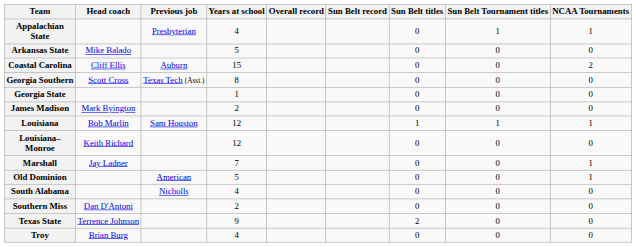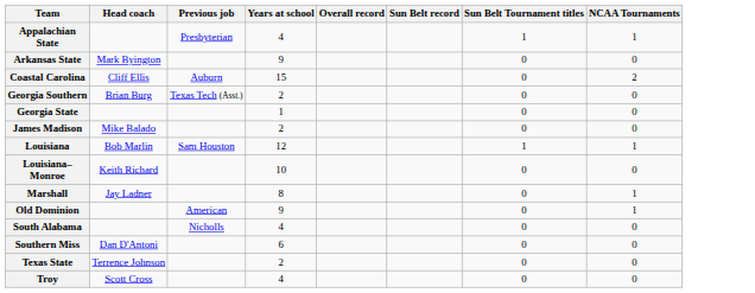 <table class="wikitable sortable" style="text-align: center;font-size:90%;">
 <tr>
 <th width="110">Team</th>
 <th>Head coach</th>
 <th>Previous job</th>
 <th>Years at school</th>
 <th>Overall record</th>
 <th>Sun Belt record</th>
-<th>Sun Belt titles</th>
 <th>Sun Belt Tournament titles</th>
 <th>NCAA Tournaments</th>
 </tr>
 <tr>
 <th>Appalachian State</th>
 <td></td>
 <td><a href='#'>Presbyterian</a></td>
 <td>4</td>
 <td></td>
 <td></td>
-<td>0</td>
 <td>1</td>
 <td>1</td>
 </tr>
 <tr>
 <th>Arkansas State</th>
-<td><a href='#'>Mike Balado</a></td>
+<td><a href='#'>Mark Byington</a></td>
 <td></td>
-<td>5</td>
+<td>9</td>
 <td></td>
 <td></td>
-<td>0</td>
 <td>0</td>
 <td>0</td>
 </tr>
 <tr>
 <th>Coastal Carolina</th>
 <td><a href='#'>Cliff Ellis</a></td>
 <td><a href='#'>Auburn</a></td>
 <td>15</td>
 <td></td>
 <td></td>
 <td>0</td>
-<td>0</td>
 <td>2</td>
 </tr>
 <tr>
 <th>Georgia Southern</th>
-<td><a href='#'>Scott Cross</a></td>
+<td><a href='#'>Brian Burg</a></td>
 <td><a href='#'>Texas Tech</a> <small>(Asst.)</small></td>
-<td>8</td>
+<td>2</td>
 <td></td>
 <td></td>
-<td>0</td>
 <td>0</td>
 <td>0</td>
 </tr>
 <tr>
 <th>Georgia State</th>
 <td></td>
 <td></td>
 <td>1</td>
 <td></td>
 <td></td>
 <td>0</td>
 <td>0</td>
-<td>0</td>
 </tr>
 <tr>
 <th>James Madison</th>
-<td><a href='#'>Mark Byington</a></td>
+<td><a href='#'>Mike Balado</a></td>
 <td></td>
 <td>2</td>
 <td></td>
 <td></td>
-<td>0</td>
 <td>0</td>
 <td>0</td>
 </tr>
 <tr>
 <th>Louisiana</th>
 <td><a href='#'>Bob Marlin</a></td>
 <td><a href='#'>Sam Houston</a></td>
 <td>12</td>
 <td></td>
 <td></td>
 <td>1</td>
 <td>1</td>
-<td>1</td>
 </tr>
 <tr>
 <th>Louisiana–Monroe</th>
 <td><a href='#'>Keith Richard</a></td>
 <td></td>
-<td>12</td>
+<td>10</td>
 <td></td>
 <td></td>
-<td>0</td>
 <td>0</td>
 <td>0</td>
 </tr>
 <tr>
 <th>Marshall</th>
 <td><a href='#'>Jay Ladner</a></td>
 <td></td>
-<td>7</td>
+<td>8</td>
 <td></td>
 <td></td>
-<td>0</td>
 <td>0</td>
 <td>1</td>
 </tr>
 <tr>
 <th>Old Dominion</th>
 <td></td>
 <td><a href='#'>American</a></td>
-<td>5</td>
+<td>9</td>
 <td></td>
 <td></td>
-<td>0</td>
 <td>0</td>
 <td>1</td>
 </tr>
 <tr>
 <th>South Alabama</th>
 <td></td>
 <td><a href='#'>Nicholls</a></td>
 <td>4</td>
 <td></td>
 <td></td>
 <td>0</td>
 <td>0</td>
-<td>0</td>
 </tr>
 <tr>
 <th>Southern Miss</th>
 <td><a href='#'>Dan D'Antoni</a></td>
 <td></td>
-<td>2</td>
+<td>6</td>
 <td></td>
 <td></td>
-<td>0</td>
 <td>0</td>
 <td>0</td>
 </tr>
 <tr>
 <th>Texas State</th>
 <td><a href='#'>Terrence Johnson</a></td>
 <td></td>
-<td>9</td>
+<td>2</td>
 <td></td>
 <td></td>
-<td>2</td>
 <td>0</td>
 <td>0</td>
 </tr>
 <tr>
 <th>Troy</th>
-<td><a href='#'>Brian Burg</a></td>
+<td><a href='#'>Scott Cross</a></td>
 <td></td>
 <td>4</td>
 <td></td>
 <td></td>
 <td>0</td>
 <td>0</td>
-<td>0</td>
 </tr>
 </table>
